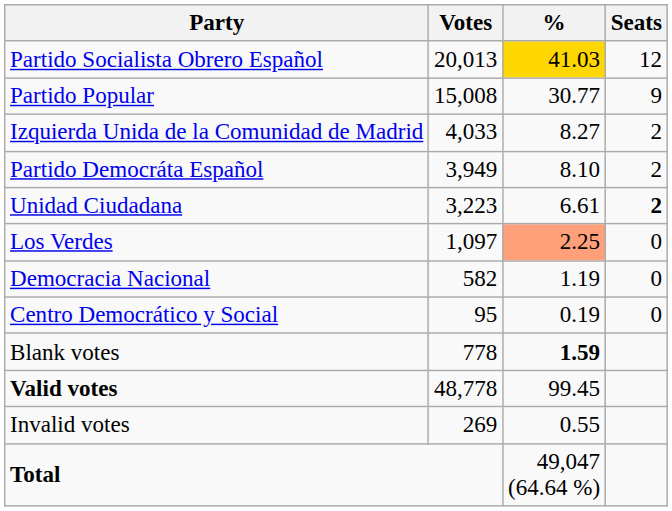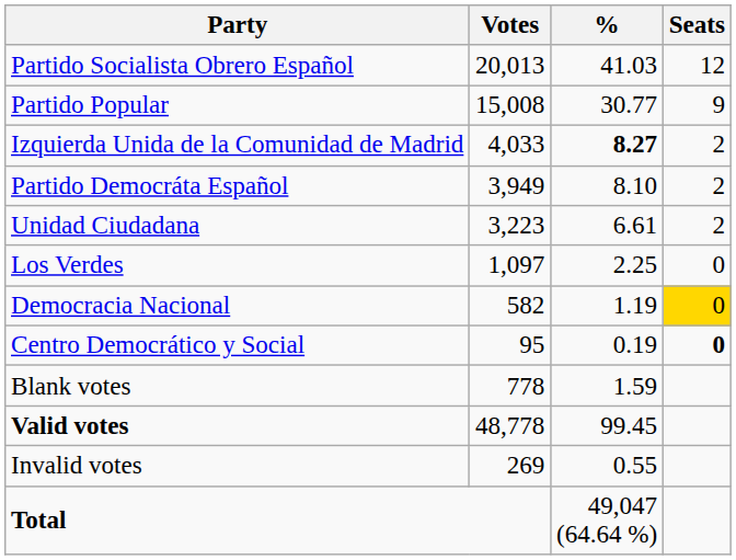 <table class="wikitable" border="1">
 <tr style="background-color:#E9E9E9">
 <th>Party</th>
 <th>Votes</th>
 <th>%</th>
 <th>Seats</th>
 </tr>
 <tr>
 <td><a href='#'>Partido Socialista Obrero Español</a></td>
 <td align="right">20,013</td>
-<td align="right" style="background: gold;">41.03</td>
+<td align="right">41.03</td>
 <td align="right">12</td>
 </tr>
 <tr>
 <td><a href='#'>Partido Popular</a></td>
 <td align="right">15,008</td>
 <td align="right">30.77</td>
 <td align="right">9</td>
 </tr>
 <tr>
 <td><a href='#'>Izquierda Unida de la Comunidad de Madrid</a></td>
 <td align="right">4,033</td>
-<td align="right">8.27</td>
+<td align="right"><strong>8.27</strong></td>
 <td align="right">2</td>
 </tr>
 <tr>
 <td><a href='#'>Partido Democráta Español</a></td>
 <td align="right">3,949</td>
 <td align="right">8.10</td>
 <td align="right">2</td>
 </tr>
 <tr>
 <td><a href='#'>Unidad Ciudadana</a></td>
 <td align="right">3,223</td>
 <td align="right">6.61</td>
-<td align="right"><strong>2</strong></td>
+<td align="right">2</td>
 </tr>
 <tr>
 <td><a href='#'>Los Verdes</a></td>
 <td align="right">1,097</td>
-<td align="right" style="background: lightsalmon;">2.25</td>
+<td align="right">2.25</td>
 <td align="right">0</td>
 </tr>
 <tr>
 <td><a href='#'>Democracia Nacional</a></td>
 <td align="right">582</td>
 <td align="right">1.19</td>
-<td align="right">0</td>
+<td align="right" style="background: gold;">0</td>
 </tr>
 <tr>
 <td><a href='#'>Centro Democrático y Social</a></td>
 <td align="right">95</td>
 <td align="right">0.19</td>
-<td align="right">0</td>
+<td align="right"><strong>0</strong></td>
 </tr>
 <tr>
 <td>Blank votes</td>
 <td align="right">778</td>
-<td align="right"><strong>1.59</strong></td>
+<td align="right">1.59</td>
 <td> </td>
 </tr>
 <tr>
 <td><strong>Valid votes</strong></td>
 <td align="right">48,778</td>
 <td align="right">99.45</td>
 <td> </td>
 </tr>
 <tr>
 <td>Invalid votes</td>
 <td align="right">269</td>
 <td align="right">0.55</td>
 <td> </td>
 </tr>
 <tr>
 <td colspan="2"><strong>Total</strong></td>
 <td align="right">49,047<br>(64.64 %)</td>
 <td></td>
 </tr>
 </table>
